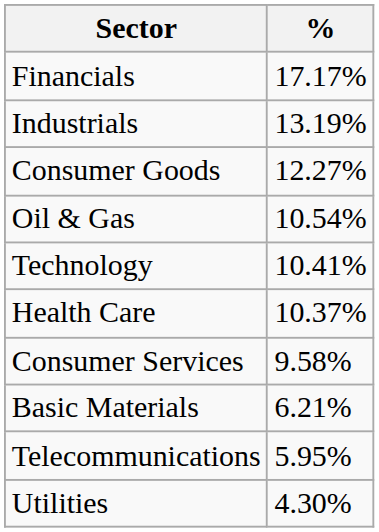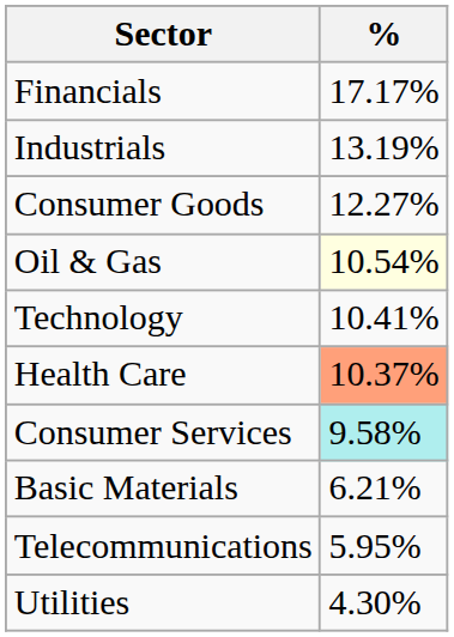 <table class="wikitable sortable">
 <tr>
 <th>Sector</th>
 <th>%</th>
 </tr>
 <tr>
 <td>Financials</td>
 <td>17.17%</td>
 </tr>
 <tr>
 <td>Industrials</td>
 <td>13.19%</td>
 </tr>
 <tr>
 <td>Consumer Goods</td>
 <td>12.27%</td>
 </tr>
 <tr>
 <td>Oil & Gas</td>
-<td>10.54%</td>
+<td style="background: lightyellow;">10.54%</td>
 </tr>
 <tr>
 <td>Technology</td>
 <td>10.41%</td>
 </tr>
 <tr>
 <td>Health Care</td>
-<td>10.37%</td>
+<td style="background: lightsalmon;">10.37%</td>
 </tr>
 <tr>
 <td>Consumer Services</td>
-<td>9.58%</td>
+<td style="background: paleturquoise;">9.58%</td>
 </tr>
 <tr>
 <td>Basic Materials</td>
 <td>6.21%</td>
 </tr>
 <tr>
 <td>Telecommunications</td>
 <td>5.95%</td>
 </tr>
 <tr>
 <td>Utilities</td>
 <td>4.30%</td>
 </tr>
 </table>
